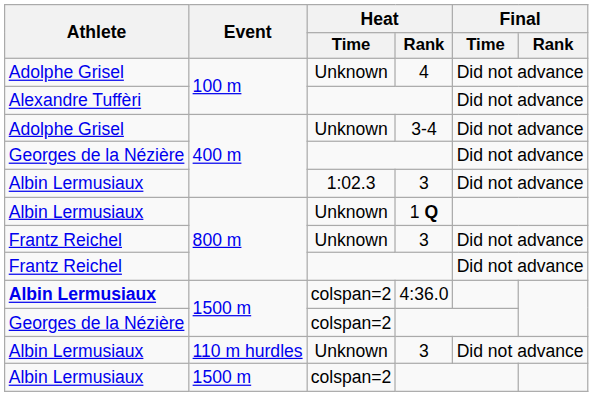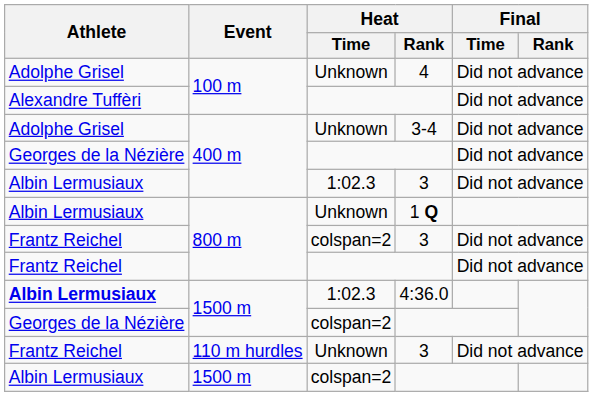 <table class=wikitable style=font-size:90%;text-align:center>
 <tr>
 <th rowspan=2>Athlete</th>
 <th rowspan=2>Event</th>
 <th colspan=2>Heat</th>
 <th colspan=2>Final</th>
 </tr>
 <tr style=font-size:95%>
 <th>Time</th>
 <th>Rank</th>
 <th>Time</th>
 <th>Rank</th>
 </tr>
 <tr>
 <td align=left><a href='#'>Adolphe Grisel</a></td>
 <td align=left rowspan=2><a href='#'>100 m</a></td>
 <td>Unknown</td>
 <td>4</td>
 <td colspan=2>Did not advance</td>
 </tr>
 <tr>
 <td align=left><a href='#'>Alexandre Tuffèri</a></td>
 <td colspan=2></td>
 <td colspan=2>Did not advance</td>
 </tr>
 <tr>
 <td align=left><a href='#'>Adolphe Grisel</a></td>
 <td align=left rowspan=3><a href='#'>400 m</a></td>
 <td>Unknown</td>
 <td>3-4</td>
 <td colspan=2>Did not advance</td>
 </tr>
 <tr>
 <td align=left><a href='#'>Georges de la Nézière</a></td>
 <td colspan=2></td>
 <td colspan=2>Did not advance</td>
 </tr>
 <tr>
 <td align=left><a href='#'>Albin Lermusiaux</a></td>
 <td>1:02.3</td>
 <td>3</td>
 <td colspan=2>Did not advance</td>
 </tr>
 <tr>
 <td align=left><a href='#'>Albin Lermusiaux</a></td>
 <td align=left rowspan=3><a href='#'>800 m</a></td>
 <td>Unknown</td>
 <td>1 <strong>Q</strong></td>
 <td colspan=2></td>
 </tr>
 <tr>
 <td align=left><a href='#'>Frantz Reichel</a></td>
-<td>Unknown</td>
+<td>colspan=2 </td>
 <td>3</td>
 <td colspan=2>Did not advance</td>
 </tr>
 <tr>
 <td align=left><a href='#'>Frantz Reichel</a></td>
 <td colspan=2></td>
 <td colspan=2>Did not advance</td>
 </tr>
 <tr>
 <td align=left><strong><a href='#'>Albin Lermusiaux</a></strong></td>
 <td align=left rowspan=2><a href='#'>1500 m</a></td>
-<td>colspan=2 </td>
+<td>1:02.3</td>
 <td>4:36.0</td>
 <td></td>
 </tr>
 <tr>
 <td align=left><a href='#'>Georges de la Nézière</a></td>
 <td>colspan=2 </td>
 <td colspan=2></td>
 </tr>
 <tr>
-<td align=left><a href='#'>Albin Lermusiaux</a></td>
+<td align=left><a href='#'>Frantz Reichel</a></td>
 <td align=left><a href='#'>110 m hurdles</a></td>
 <td>Unknown</td>
 <td>3</td>
 <td colspan=2>Did not advance</td>
 </tr>
 <tr>
 <td align=left><a href='#'>Albin Lermusiaux</a></td>
 <td align=left><a href='#'>1500 m</a></td>
 <td>colspan=2 </td>
 <td colspan=2></td>
 </tr>
 </table>
